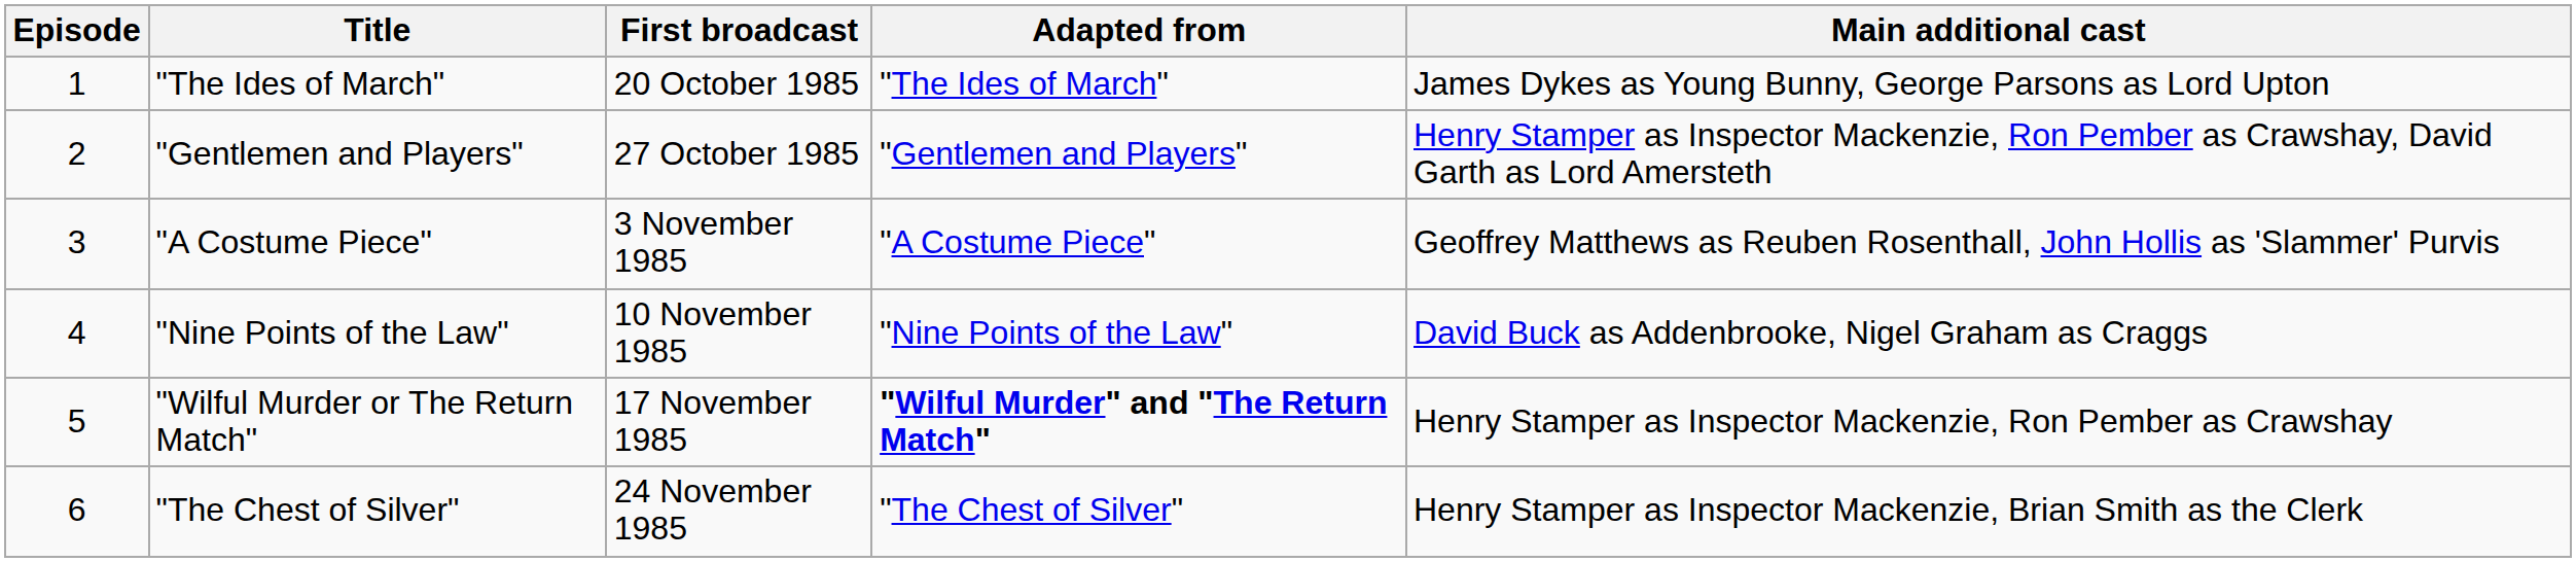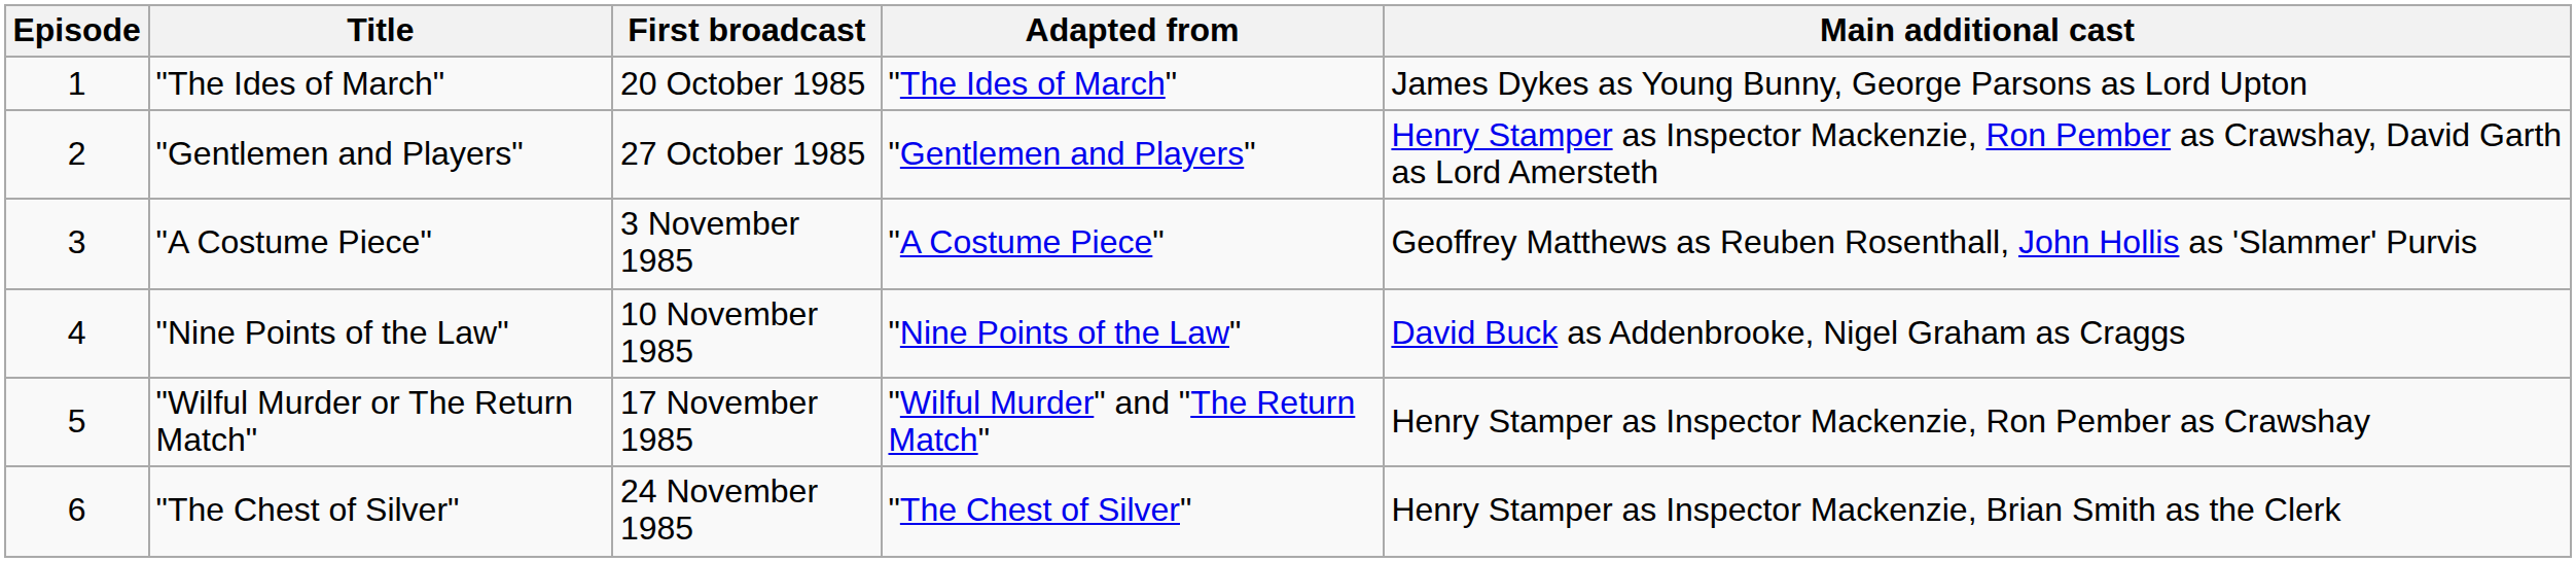 <table class="wikitable">
 <tr>
 <th>Episode</th>
 <th>Title</th>
 <th>First broadcast</th>
 <th>Adapted from</th>
 <th>Main additional cast</th>
 </tr>
 <tr>
 <td style="text-align: center;">1</td>
 <td>"The Ides of March"</td>
 <td>20 October 1985</td>
 <td>"<a href='#'>The Ides of March</a>"</td>
 <td>James Dykes as Young Bunny, George Parsons as Lord Upton</td>
 </tr>
 <tr>
 <td style="text-align: center;">2</td>
 <td>"Gentlemen and Players"</td>
 <td>27 October 1985</td>
 <td>"<a href='#'>Gentlemen and Players</a>"</td>
 <td><a href='#'>Henry Stamper</a> as Inspector Mackenzie, <a href='#'>Ron Pember</a> as Crawshay, David Garth as Lord Amersteth</td>
 </tr>
 <tr>
 <td style="text-align: center;">3</td>
 <td>"A Costume Piece"</td>
 <td>3 November 1985</td>
 <td>"<a href='#'>A Costume Piece</a>"</td>
 <td>Geoffrey Matthews as Reuben Rosenthall, <a href='#'>John Hollis</a> as 'Slammer' Purvis</td>
 </tr>
 <tr>
 <td style="text-align: center;">4</td>
 <td>"Nine Points of the Law"</td>
 <td>10 November 1985</td>
 <td>"<a href='#'>Nine Points of the Law</a>"</td>
 <td><a href='#'>David Buck</a> as Addenbrooke, Nigel Graham as Craggs</td>
 </tr>
 <tr>
 <td style="text-align: center;">5</td>
 <td>"Wilful Murder or The Return Match"</td>
 <td>17 November 1985</td>
-<td><strong>"<a href='#'>Wilful Murder</a>" and "<a href='#'>The Return Match</a>"</strong></td>
+<td>"<a href='#'>Wilful Murder</a>" and "<a href='#'>The Return Match</a>"</td>
 <td>Henry Stamper as Inspector Mackenzie, Ron Pember as Crawshay</td>
 </tr>
 <tr>
 <td style="text-align: center;">6</td>
 <td>"The Chest of Silver"</td>
 <td>24 November 1985</td>
 <td>"<a href='#'>The Chest of Silver</a>"</td>
 <td>Henry Stamper as Inspector Mackenzie, Brian Smith as the Clerk</td>
 </tr>
 <tr>
 </tr>
 </table>
